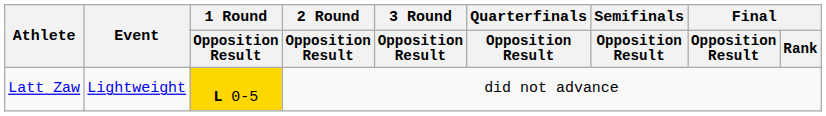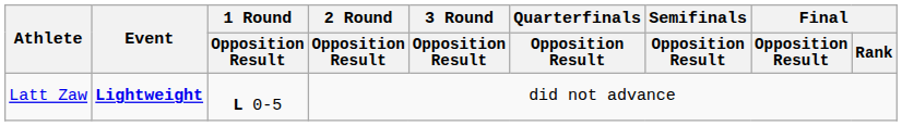 <table class="wikitable" style="font-size:90%">
 <tr>
 <th rowspan="2">Athlete</th>
 <th rowspan="2">Event</th>
 <th>1 Round</th>
 <th>2 Round</th>
 <th>3 Round</th>
 <th>Quarterfinals</th>
 <th>Semifinals</th>
 <th colspan=2>Final</th>
 </tr>
 <tr style="font-size:95%">
 <th>Opposition<br>Result</th>
 <th>Opposition<br>Result</th>
 <th>Opposition<br>Result</th>
 <th>Opposition<br>Result</th>
 <th>Opposition<br>Result</th>
 <th>Opposition<br>Result</th>
 <th>Rank</th>
 </tr>
 <tr align=center>
 <td align=left><a href='#'>Latt Zaw</a></td>
-<td align=left><a href='#'>Lightweight</a></td>
-<td style="background: gold;"><br><strong>L</strong> 0-5</td>
+<td align=left><strong><a href='#'>Lightweight</a></strong></td>
+<td><br><strong>L</strong> 0-5</td>
 <td colspan=6>did not advance</td>
 </tr>
 </table>
